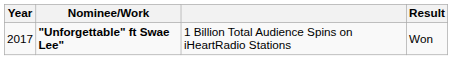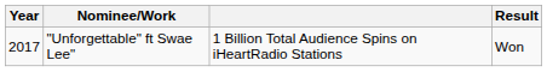 <table class="wikitable">
 <tr>
 <th>Year</th>
 <th>Nominee/Work</th>
 <th></th>
 <th>Result</th>
 </tr>
 <tr>
 <td>2017</td>
-<td><strong>"Unforgettable" ft Swae Lee"</strong></td>
+<td>"Unforgettable" ft Swae Lee"</td>
 <td>1 Billion Total Audience Spins on iHeartRadio Stations</td>
 <td>Won</td>
 </tr>
 </table>
